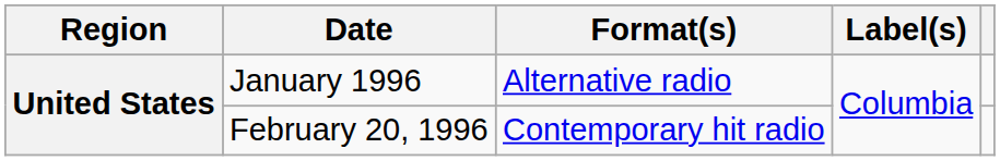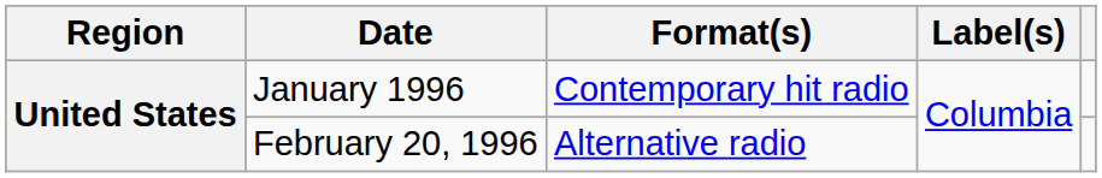 <table class="wikitable plainrowheaders">
 <tr>
 <th scope="col">Region</th>
 <th scope="col">Date</th>
 <th scope="col">Format(s)</th>
 <th scope="col">Label(s)</th>
 <th scope="col"></th>
 </tr>
 <tr>
 <th scope="row" rowspan="2">United States</th>
 <td>January 1996</td>
-<td><a href='#'>Alternative radio</a></td>
+<td><a href='#'>Contemporary hit radio</a></td>
 <td rowspan="2"><a href='#'>Columbia</a></td>
 <td></td>
 </tr>
 <tr>
 <td>February 20, 1996</td>
-<td><a href='#'>Contemporary hit radio</a></td>
+<td><a href='#'>Alternative radio</a></td>
 <td></td>
 </tr>
 </table>
